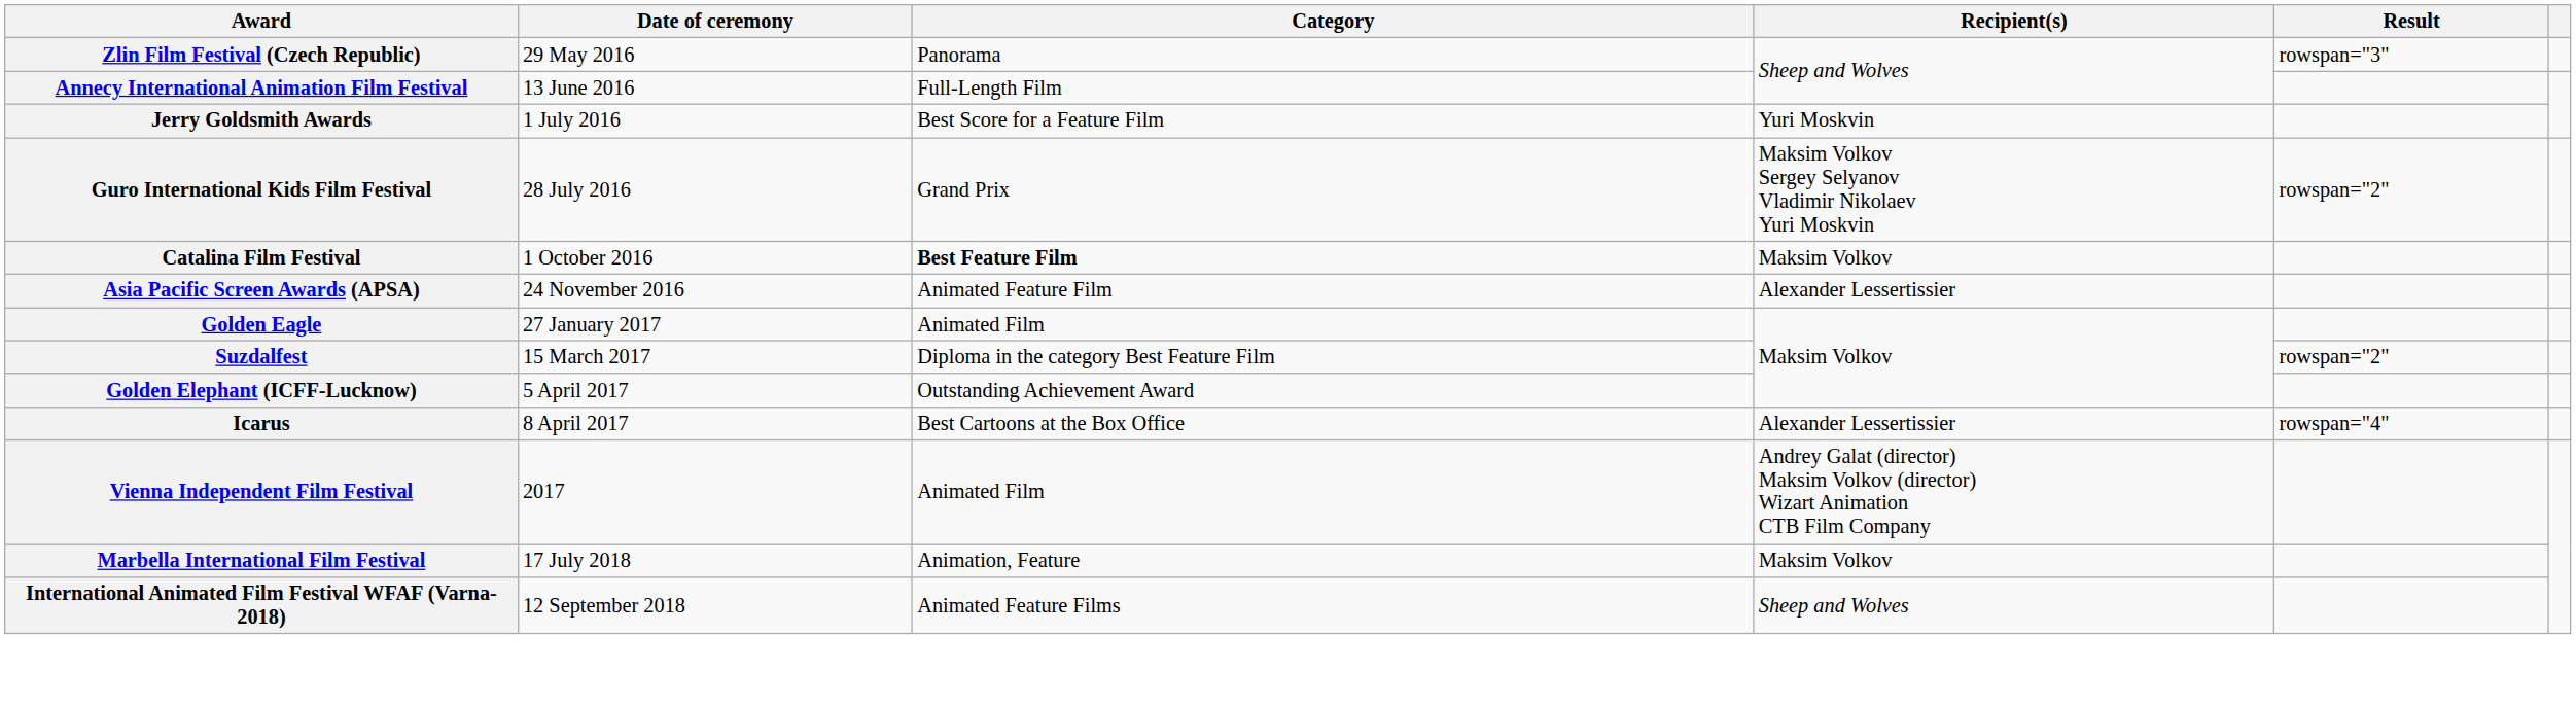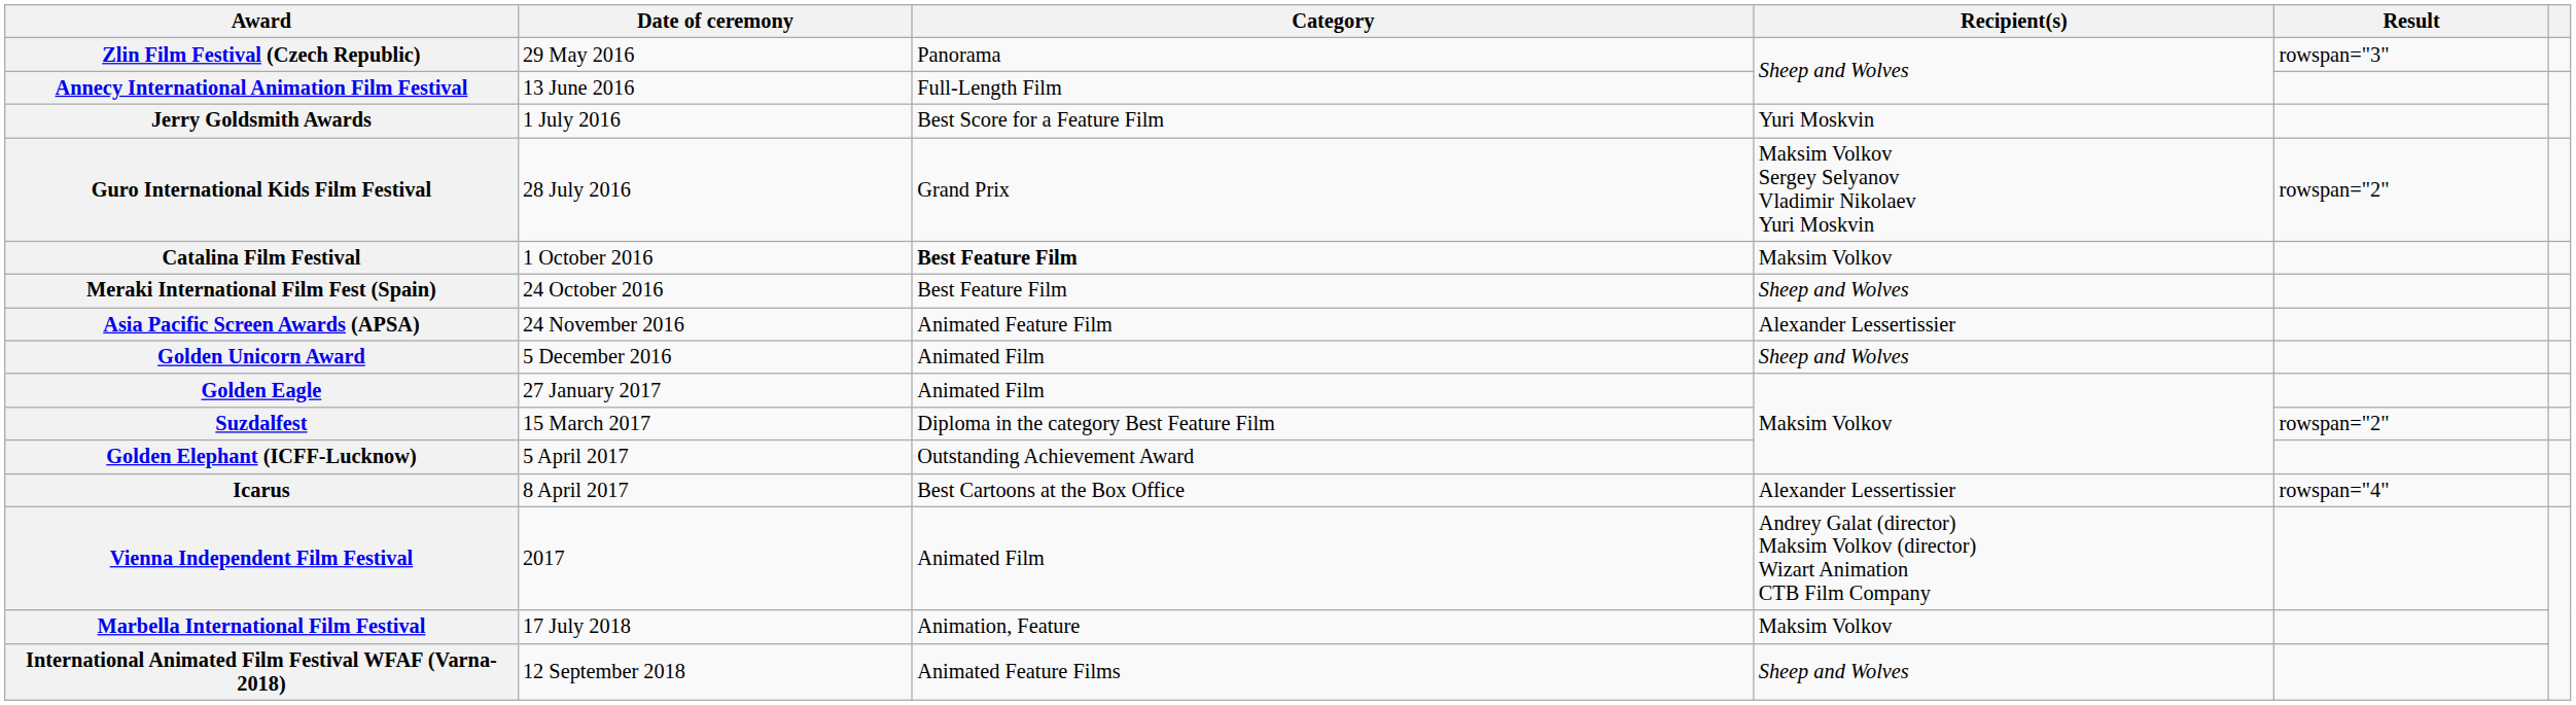 <table class="wikitable sortable plainrowheaders" style="width: 99%">
 <tr>
 <th scope="col" style="width:20%;">Award</th>
 <th scope="col">Date of ceremony</th>
 <th scope="col">Category</th>
 <th scope="col">Recipient(s)</th>
 <th scope="col">Result</th>
 <th scope="col" class="unsortable"></th>
 </tr>
 <tr>
 <th scope="row" style="text-align:center;"><a href='#'>Zlin Film Festival</a> (Czech Republic)</th>
 <td>29 May 2016</td>
 <td>Panorama</td>
 <td rowspan="2"><em>Sheep and Wolves</em></td>
 <td>rowspan="3"</td>
 <td style="text-align:center;"></td>
 </tr>
 <tr>
 <th scope="row" style="text-align:center;"><a href='#'>Annecy International Animation Film Festival</a></th>
 <td>13 June 2016</td>
 <td>Full-Length Film</td>
 <td style="text-align:center;"></td>
 </tr>
 <tr>
 <th scope="row" style="text-align:center;">Jerry Goldsmith Awards</th>
 <td>1 July 2016</td>
 <td>Best Score for a Feature Film</td>
 <td>Yuri Moskvin</td>
 <td style="text-align:center;"></td>
 </tr>
 <tr>
 <th scope="row" style="text-align:center;">Guro International Kids Film Festival</th>
 <td>28 July 2016</td>
 <td>Grand Prix</td>
 <td>Maksim Volkov<br>Sergey Selyanov<br>Vladimir Nikolaev<br>Yuri Moskvin</td>
 <td>rowspan="2"</td>
 <td style="text-align:center;"></td>
 </tr>
 <tr>
 <th scope="row" style="text-align:center;">Catalina Film Festival</th>
 <td>1 October 2016</td>
 <td><strong>Best Feature Film</strong></td>
 <td>Maksim Volkov</td>
 <td style="text-align:center;"></td>
 </tr>
 <tr>
+<th scope="row" style="text-align:center;">Meraki International Film Fest (Spain)</th>
+<td>24 October 2016</td>
+<td>Best Feature Film</td>
+<td><em>Sheep and Wolves</em></td>
+<td></td>
+<td style="text-align:center;"></td>
+</tr>
+<tr>
 <th rowspan="1" scope="row" style="text-align:center;"><a href='#'>Asia Pacific Screen Awards</a> (APSA)</th>
 <td rowspan="1">24 November 2016</td>
 <td>Animated Feature Film</td>
 <td>Alexander Lessertissier</td>
+<td></td>
+<td rowspan="1" style="text-align:center;"></td>
+</tr>
+<tr>
+<th rowspan="1" scope="row" style="text-align:center;"><a href='#'>Golden Unicorn Award</a></th>
+<td rowspan="1">5 December 2016</td>
+<td>Animated Film</td>
+<td><em>Sheep and Wolves</em></td>
 <td></td>
 <td rowspan="1" style="text-align:center;"></td>
 </tr>
 <tr>
 <th scope="row" style="text-align:center;"><a href='#'>Golden Eagle</a></th>
 <td>27 January 2017</td>
 <td>Animated Film</td>
 <td rowspan="3">Maksim Volkov</td>
 <td></td>
 <td style="text-align:center;"></td>
 </tr>
 <tr>
 <th scope="row" style="text-align:center;"><a href='#'>Suzdalfest</a></th>
 <td>15 March 2017</td>
 <td>Diploma in the category Best Feature Film</td>
 <td>rowspan="2"</td>
 <td style="text-align:center;"></td>
 </tr>
 <tr>
 <th scope="row" style="text-align:center;"><a href='#'>Golden Elephant</a> (ICFF-Lucknow)</th>
 <td>5 April 2017</td>
 <td>Outstanding Achievement Award</td>
 <td></td>
 </tr>
 <tr>
 <th rowspan="1" scope="row" style="text-align:center;">Icarus</th>
 <td rowspan="1">8 April 2017</td>
 <td>Best Cartoons at the Box Office</td>
 <td>Alexander Lessertissier</td>
 <td>rowspan="4"</td>
 <td rowspan="1" style="text-align:center;"></td>
 </tr>
 <tr>
 <th rowspan="1" scope="row" style="text-align:center;"><a href='#'>Vienna Independent Film Festival</a></th>
 <td rowspan="1">2017</td>
 <td>Animated Film</td>
 <td>Andrey Galat (director)<br>Maksim Volkov (director)<br>Wizart Animation<br>CTB Film Company</td>
 <td rowspan="1" style="text-align:center;"></td>
 </tr>
 <tr>
 <th rowspan="1" scope="row" style="text-align:center;"><a href='#'>Marbella International Film Festival</a></th>
 <td rowspan="1">17 July 2018</td>
 <td>Animation, Feature</td>
 <td>Maksim Volkov</td>
 <td rowspan="1" style="text-align:center;"></td>
 </tr>
 <tr>
 <th rowspan="1" scope="row" style="text-align:center;">International Animated Film Festival WFAF (Varna-2018)</th>
 <td rowspan="1">12 September 2018</td>
 <td>Animated Feature Films</td>
 <td><em>Sheep and Wolves</em></td>
 <td rowspan="1" style="text-align:center;"></td>
 </tr>
 </table>
